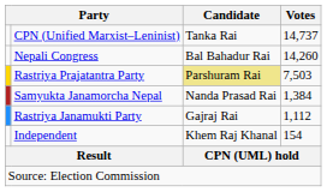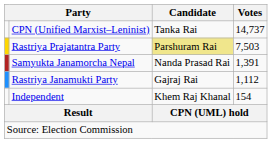 <table class="wikitable">
 <tr>
 <th colspan="2">Party</th>
 <th>Candidate</th>
 <th>Votes</th>
 </tr>
 <tr>
 <td style="background-color:"></td>
 <td><a href='#'>CPN (Unified Marxist–Leninist)</a></td>
 <td>Tanka Rai</td>
 <td>14,737</td>
 </tr>
 <tr>
-<td style="background-color:"></td>
-<td><a href='#'>Nepali Congress</a></td>
-<td>Bal Bahadur Rai</td>
-<td>14,260</td>
-</tr>
-<tr>
 <td style="background-color:gold"></td>
 <td><a href='#'>Rastriya Prajatantra Party</a></td>
 <td style="background: khaki;">Parshuram Rai</td>
 <td>7,503</td>
 </tr>
 <tr>
 <td style="background-color:firebrick"></td>
 <td><a href='#'>Samyukta Janamorcha Nepal</a></td>
 <td>Nanda Prasad Rai</td>
-<td>1,384</td>
+<td>1,391</td>
 </tr>
 <tr>
 <td style="background-color:dodgerblue"></td>
 <td><a href='#'>Rastriya Janamukti Party</a></td>
 <td>Gajraj Rai</td>
 <td>1,112</td>
 </tr>
 <tr>
 <td style="background-color:"></td>
 <td><a href='#'>Independent</a></td>
 <td>Khem Raj Khanal</td>
 <td>154</td>
 </tr>
 <tr>
 <th colspan="2">Result</th>
 <th colspan="2">CPN (UML) hold</th>
 </tr>
 <tr>
 <td colspan="4">Source: Election Commission</td>
 </tr>
 </table>
